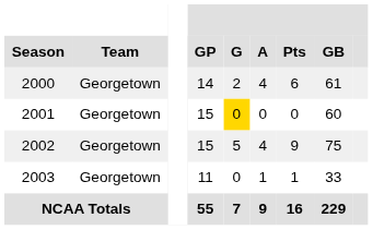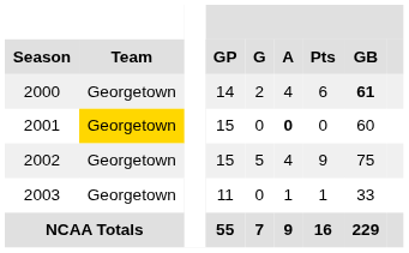 <table BORDER="0" CELLPADDING="8" CELLSPACING="0">
 <tr ALIGN="center" bgcolor="#e0e0e0">
 <th colspan="2" bgcolor="#ffffff"> </th>
 <th rowspan="99" bgcolor="#ffffff"> </th>
 <th colspan="6"></th>
 </tr>
 <tr ALIGN="center" bgcolor="#e0e0e0">
 <th>Season</th>
 <th>Team</th>
 <th>GP</th>
 <th>G</th>
 <th>A</th>
 <th>Pts</th>
 <th>GB</th>
 <th></th>
 </tr>
 <tr ALIGN="center" bgcolor="#f0f0f0">
 <td>2000</td>
 <td>Georgetown</td>
 <td>14</td>
 <td>2</td>
 <td>4</td>
 <td>6</td>
-<td>61</td>
+<td><strong>61</strong></td>
 <td></td>
 </tr>
 <tr ALIGN="center">
 <td>2001</td>
-<td>Georgetown</td>
+<td style="background: gold;">Georgetown</td>
 <td>15</td>
-<td style="background: gold;">0</td>
 <td>0</td>
+<td><strong>0</strong></td>
 <td>0</td>
 <td>60</td>
 <td></td>
 </tr>
 <tr ALIGN="center" bgcolor="#f0f0f0">
 <td>2002</td>
 <td>Georgetown</td>
 <td>15</td>
 <td>5</td>
 <td>4</td>
 <td>9</td>
 <td>75</td>
 <td></td>
 </tr>
 <tr ALIGN="center">
 <td>2003</td>
 <td>Georgetown</td>
 <td>11</td>
 <td>0</td>
 <td>1</td>
 <td>1</td>
 <td>33</td>
 <td></td>
 </tr>
 <tr ALIGN="center" bgcolor="#e0e0e0">
 <th colspan="2">NCAA Totals</th>
 <th>55</th>
 <th>7</th>
 <th>9</th>
 <th>16</th>
 <th>229</th>
 <th></th>
 </tr>
 </table>
